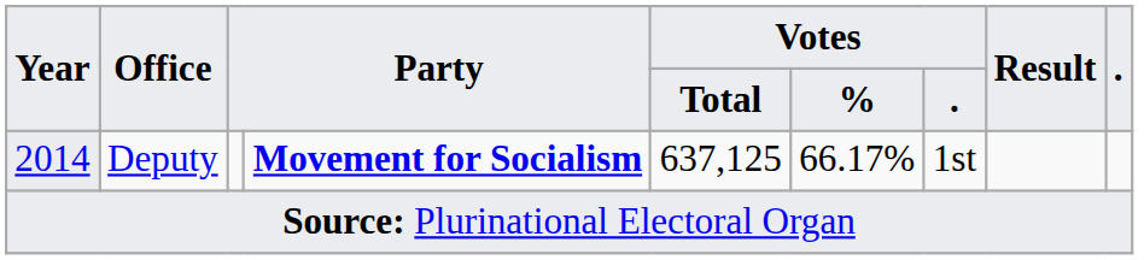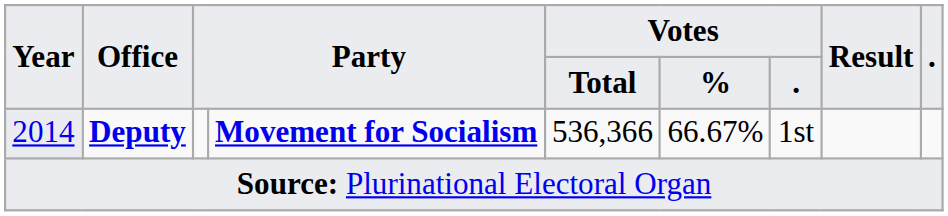 <table class="wikitable" style="font-size:90%; text-align:center;">
 <tr>
 <th style="background-color:#EAECF0;" rowspan=2>Year</th>
 <th style="background-color:#EAECF0;" rowspan=2>Office</th>
 <th style="background-color:#EAECF0;" colspan=2 rowspan=2>Party</th>
 <th style="background-color:#EAECF0;" colspan=3>Votes</th>
 <th style="background-color:#EAECF0;" rowspan=2>Result</th>
 <th style="background-color:#EAECF0;" rowspan=2>.</th>
 </tr>
 <tr>
 <th style="background-color:#EAECF0;">Total</th>
 <th style="background-color:#EAECF0;">%</th>
 <th style="background-color:#EAECF0;">.</th>
 </tr>
 <tr>
 <td style="background-color:#EAECF0;"><a href='#'>2014</a></td>
-<td><a href='#'>Deputy</a></td>
+<td><strong><a href='#'>Deputy</a></strong></td>
 <td style="background-color:"></td>
 <td><strong><a href='#'>Movement for Socialism</a></strong></td>
-<td>637,125</td>
-<td>66.17%</td>
+<td>536,366</td>
+<td>66.67%</td>
 <td>1st</td>
 <td></td>
 <td></td>
 </tr>
 <tr>
 <td style="background-color:#EAECF0;" colspan=9><strong>Source:</strong> <a href='#'>Plurinational Electoral Organ</a>  </td>
 </tr>
 </table>
